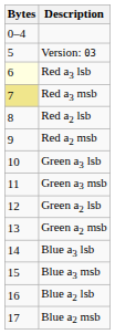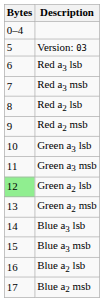 <table class=wikitable>
 <tr>
 <th>Bytes</th>
 <th>Description</th>
 </tr>
 <tr>
 <td>0–4</td>
 <td>  </td>
 </tr>
 <tr>
 <td>5</td>
 <td>Version: <code>03</code></td>
 </tr>
 <tr>
-<td style="background: lightyellow;">6</td>
+<td>6</td>
 <td>Red a<sub>3</sub> lsb</td>
 </tr>
 <tr>
-<td style="background: khaki;">7</td>
+<td>7</td>
 <td>Red a<sub>3</sub> msb</td>
 </tr>
 <tr>
 <td>8</td>
 <td>Red a<sub>2</sub> lsb</td>
 </tr>
 <tr>
 <td>9</td>
 <td>Red a<sub>2</sub> msb</td>
 </tr>
 <tr>
 <td>10</td>
 <td>Green a<sub>3</sub> lsb</td>
 </tr>
 <tr>
 <td>11</td>
 <td>Green a<sub>3</sub> msb</td>
 </tr>
 <tr>
-<td>12</td>
+<td style="background: lightgreen;">12</td>
 <td>Green a<sub>2</sub> lsb</td>
 </tr>
 <tr>
 <td>13</td>
 <td>Green a<sub>2</sub> msb</td>
 </tr>
 <tr>
 <td>14</td>
 <td>Blue a<sub>3</sub> lsb</td>
 </tr>
 <tr>
 <td>15</td>
 <td>Blue a<sub>3</sub> msb</td>
 </tr>
 <tr>
 <td>16</td>
 <td>Blue a<sub>2</sub> lsb</td>
 </tr>
 <tr>
 <td>17</td>
 <td>Blue a<sub>2</sub> msb</td>
 </tr>
 </table>
